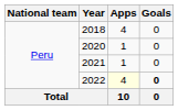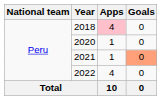 <table class="wikitable" style="text-align:center">
 <tr>
 <th>National team</th>
 <th>Year</th>
 <th>Apps</th>
 <th>Goals</th>
 </tr>
 <tr>
 <td rowspan="4"><a href='#'>Peru</a></td>
 <td>2018</td>
-<td>4</td>
+<td style="background: pink;">4</td>
 <td>0</td>
 </tr>
 <tr>
 <td>2020</td>
 <td>1</td>
 <td>0</td>
 </tr>
 <tr>
 <td>2021</td>
 <td>1</td>
-<td>0</td>
+<td style="background: lightsalmon;">0</td>
 </tr>
 <tr>
 <td>2022</td>
-<td style="background: lightyellow;">4</td>
-<td><strong>0</strong></td>
+<td>4</td>
+<td>0</td>
 </tr>
 <tr>
 <th colspan="2">Total</th>
 <th>10</th>
 <th>0</th>
 </tr>
 </table>
